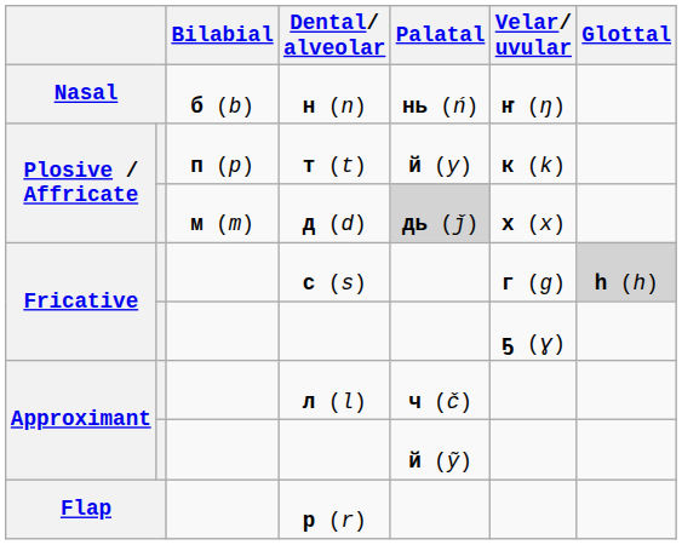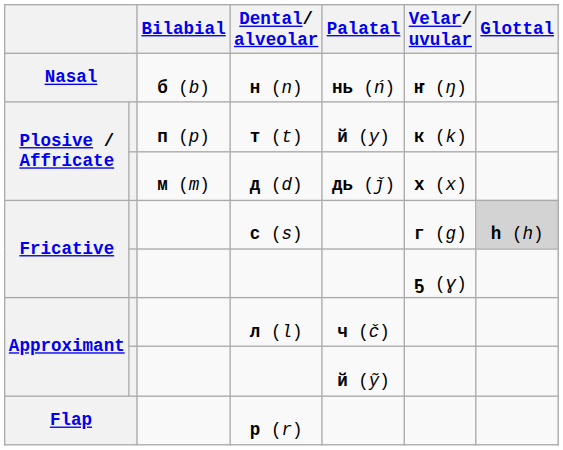 <table class=wikitable style="text-align:center">
 <tr>
 <th colspan=2></th>
 <th><a href='#'>Bilabial</a></th>
 <th><a href='#'>Dental</a>/<br><a href='#'>alveolar</a></th>
 <th><a href='#'>Palatal</a></th>
 <th><a href='#'>Velar</a>/<br><a href='#'>uvular</a></th>
 <th><a href='#'>Glottal</a></th>
 </tr>
 <tr>
 <th colspan=2><a href='#'>Nasal</a></th>
 <td> <br> <strong>б</strong> (<em>b</em>)</td>
 <td><br> <strong>н</strong> (<em>n</em>)</td>
 <td> <br><strong>нь</strong> (<em>ń</em>)</td>
 <td> <br><strong>ҥ</strong> (<em>ŋ</em>)</td>
 <td></td>
 </tr>
 <tr>
 <th rowspan=2><a href='#'>Plosive</a> /<br><a href='#'>Affricate</a></th>
 <th></th>
 <td> <br><strong>п</strong> (<em>p</em>)</td>
 <td> <br> <strong>т</strong> (<em>t</em>)</td>
 <td> <br> <strong>й</strong> (<em>y</em>)</td>
 <td> <br> <strong>к</strong> (<em>k</em>)</td>
 <td></td>
 </tr>
 <tr>
 <th></th>
 <td><br> <strong>м</strong> (<em>m</em>)</td>
 <td> <br> <strong>д</strong> (<em>d</em>)</td>
-<td style="background: lightgrey;">  <br> <strong>дь</strong> (<em>ǰ</em>)</td>
+<td>  <br> <strong>дь</strong> (<em>ǰ</em>)</td>
 <td> <br> <strong>х</strong> (<em>x</em>)</td>
 <td></td>
 </tr>
 <tr>
 <th rowspan=2><a href='#'>Fricative</a></th>
 <th></th>
 <td></td>
 <td> <br> <strong>с</strong> (<em>s</em>)</td>
 <td></td>
 <td> <br><strong>г</strong> (<em>g</em>)</td>
 <td style="background: lightgrey;"> <br> <strong>һ</strong> (<em>h</em>)</td>
 </tr>
 <tr>
 <th></th>
 <td></td>
 <td></td>
 <td></td>
 <td> <br> <strong>ҕ</strong> (<em>ɣ</em>)</td>
 <td></td>
 </tr>
 <tr>
 <th rowspan=2><a href='#'>Approximant</a></th>
 <th></th>
 <td></td>
 <td> <br><strong>л</strong> (<em>l</em>)</td>
 <td>  <br> <strong>ч</strong> (<em>č</em>)</td>
 <td></td>
 <td></td>
 </tr>
 <tr>
 <th></th>
 <td></td>
 <td></td>
 <td> <br> <strong>й</strong> (<em>ỹ</em>)</td>
 <td></td>
 <td></td>
 </tr>
 <tr>
 <th colspan=2><a href='#'>Flap</a></th>
 <td></td>
 <td> <br> <strong>р</strong> (<em>r</em>)</td>
 <td></td>
 <td></td>
 <td></td>
 </tr>
 </table>
